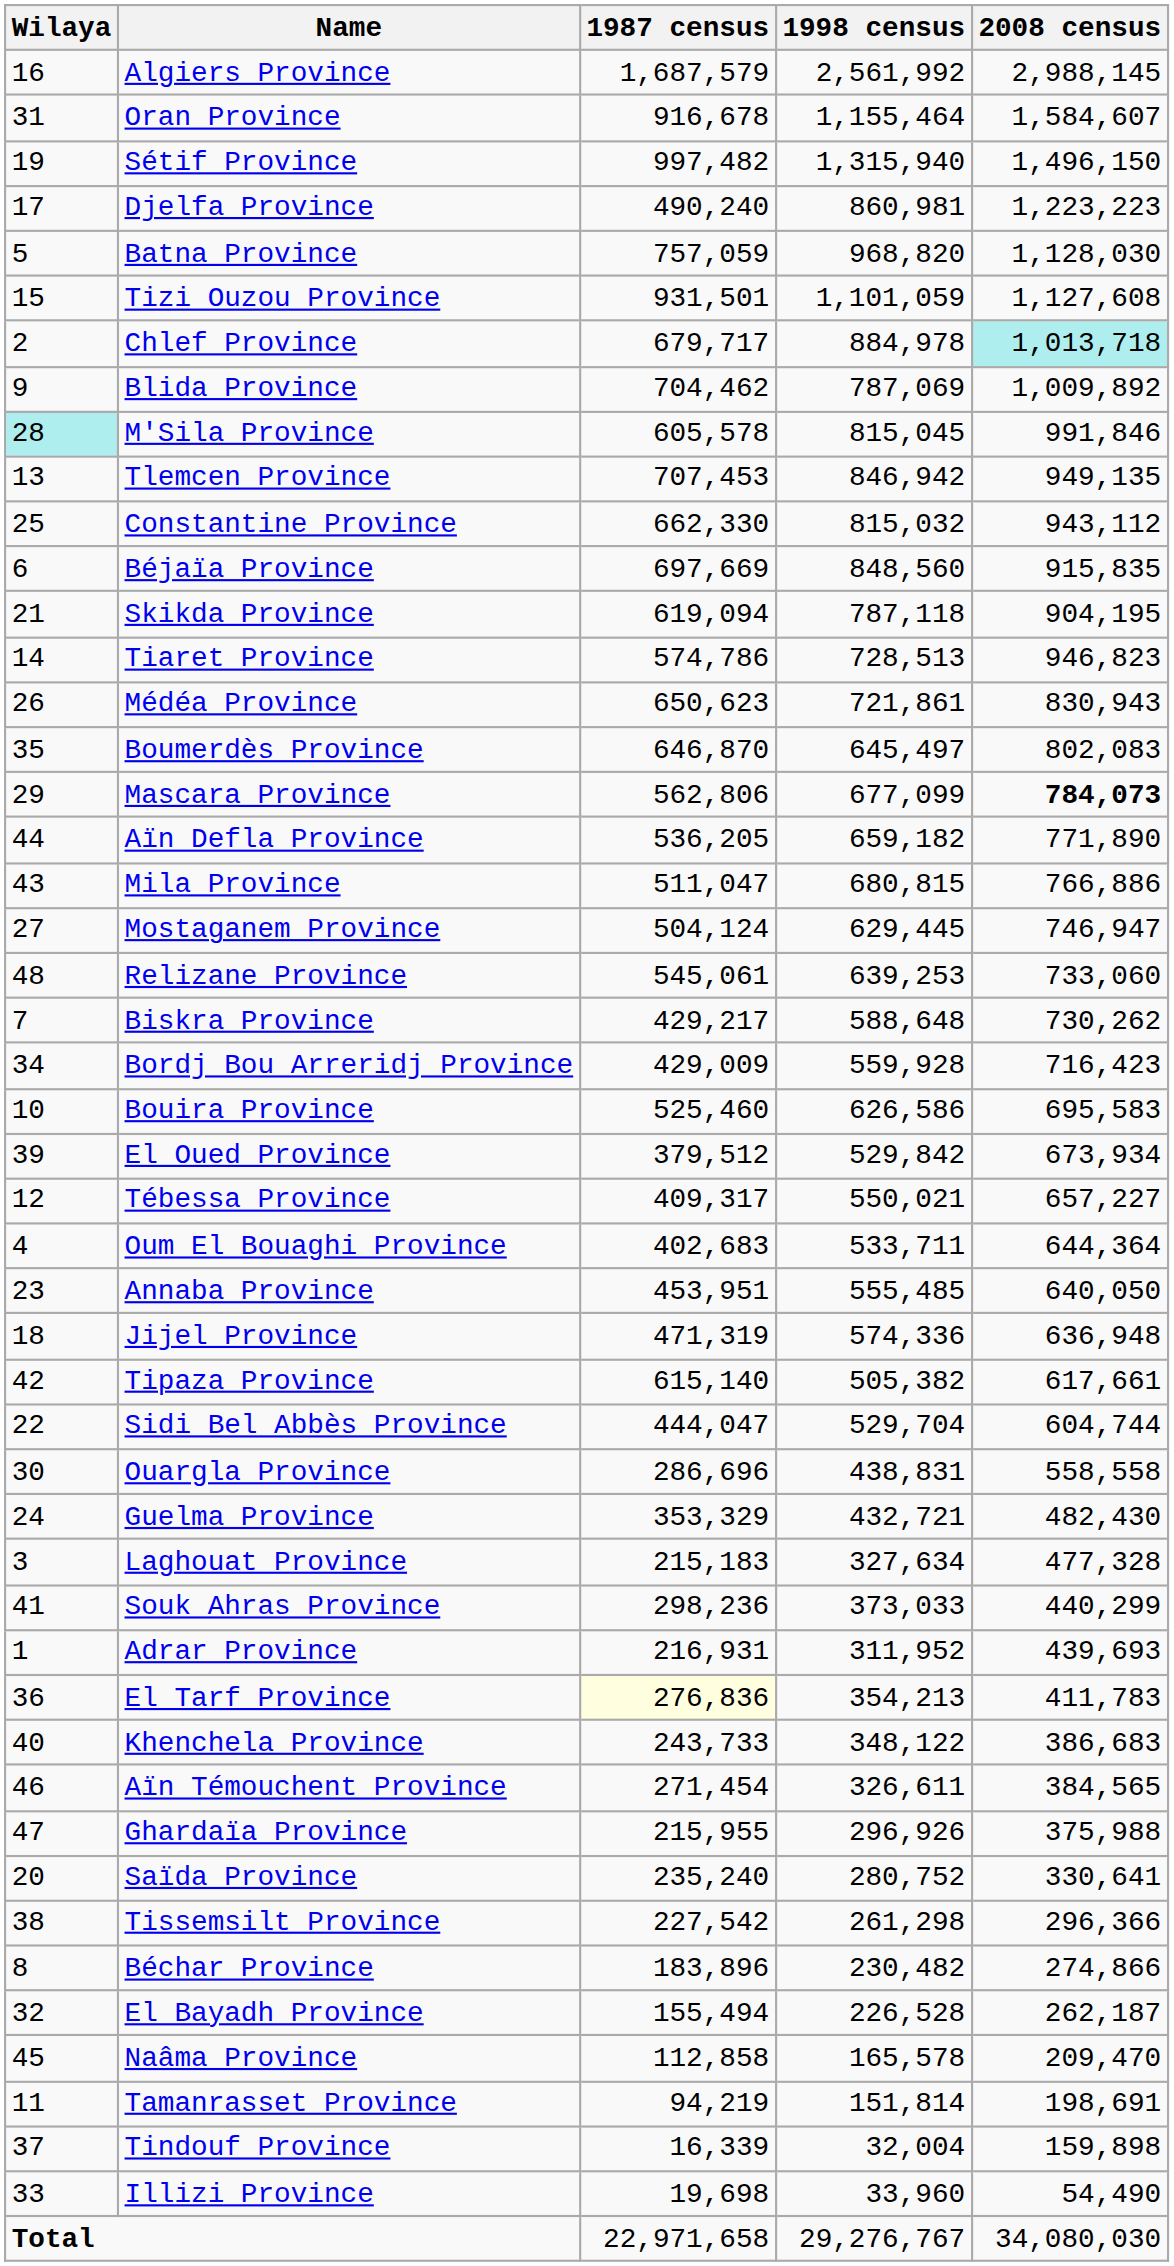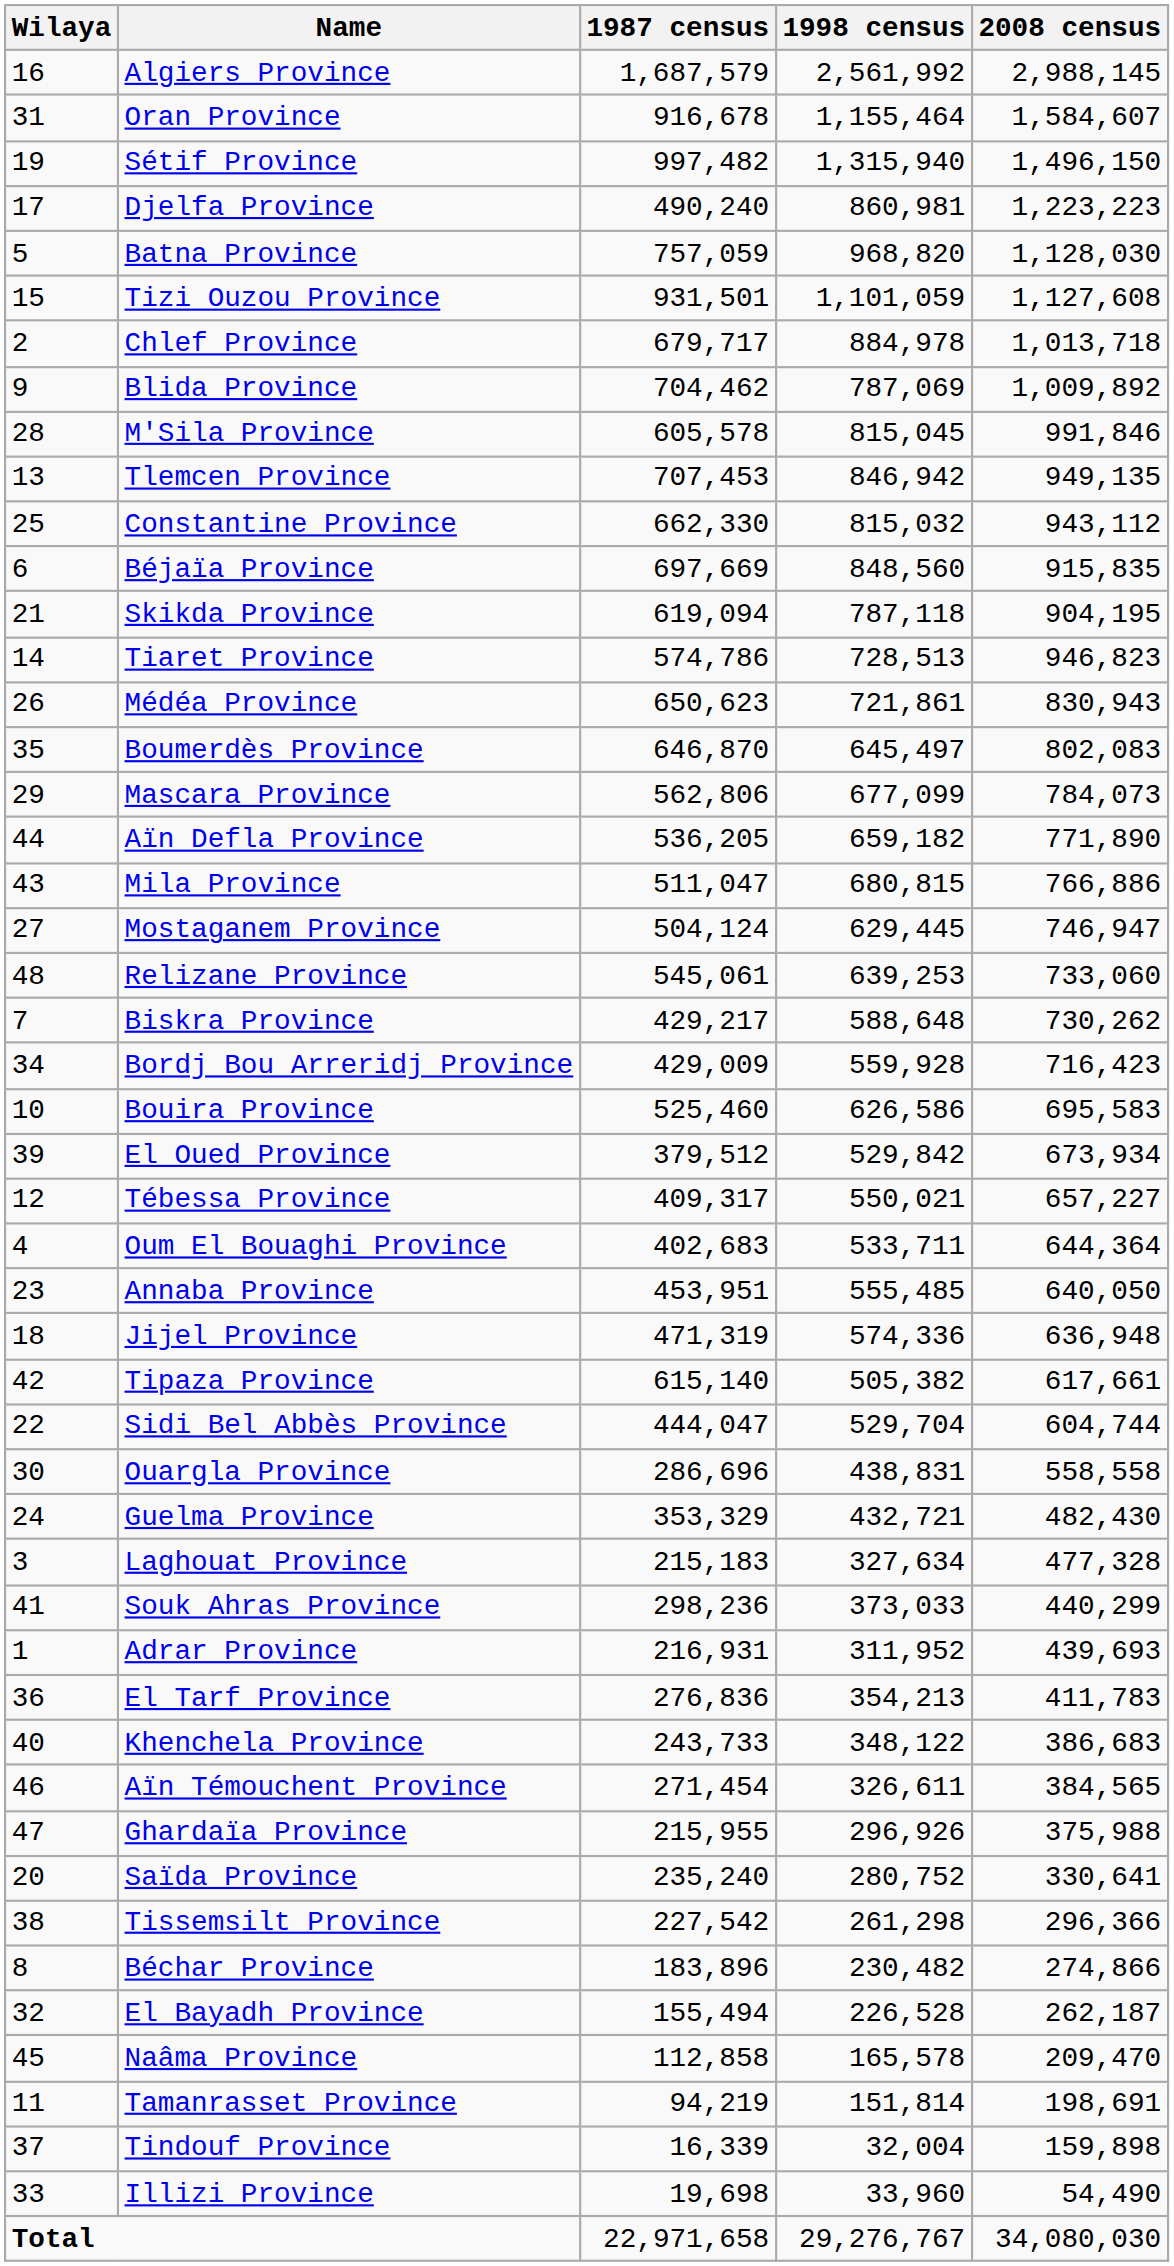 <table class="wikitable sortable">
 <tr>
 <th>Wilaya<br></th>
 <th>Name<br></th>
 <th>1987 census</th>
 <th>1998 census</th>
 <th>2008 census</th>
 </tr>
 <tr>
 <td>16</td>
 <td><a href='#'>Algiers Province</a></td>
 <td style="text-align:right">1,687,579</td>
 <td style="text-align:right">2,561,992</td>
 <td style="text-align:right">2,988,145</td>
 </tr>
 <tr>
 <td>31</td>
 <td><a href='#'>Oran Province</a></td>
 <td style="text-align:right">916,678</td>
 <td style="text-align:right">1,155,464</td>
 <td style="text-align:right">1,584,607</td>
 </tr>
 <tr>
 <td>19</td>
 <td><a href='#'>Sétif Province</a></td>
 <td style="text-align:right">997,482</td>
 <td style="text-align:right">1,315,940</td>
 <td style="text-align:right">1,496,150</td>
 </tr>
 <tr>
 <td>17</td>
 <td><a href='#'>Djelfa Province</a></td>
 <td style="text-align:right">490,240</td>
 <td style="text-align:right">860,981</td>
 <td style="text-align:right">1,223,223</td>
 </tr>
 <tr>
 <td>5</td>
 <td><a href='#'>Batna Province</a></td>
 <td style="text-align:right">757,059</td>
 <td style="text-align:right">968,820</td>
 <td style="text-align:right">1,128,030</td>
 </tr>
 <tr>
 <td>15</td>
 <td><a href='#'>Tizi Ouzou Province</a></td>
 <td style="text-align:right">931,501</td>
 <td style="text-align:right">1,101,059</td>
 <td style="text-align:right">1,127,608</td>
 </tr>
 <tr>
 <td>2</td>
 <td><a href='#'>Chlef Province</a></td>
 <td style="text-align:right">679,717</td>
 <td style="text-align:right">884,978</td>
-<td style="background: paleturquoise; text-align:right">1,013,718</td>
+<td style="text-align:right">1,013,718</td>
 </tr>
 <tr>
 <td>9</td>
 <td><a href='#'>Blida Province</a></td>
 <td style="text-align:right">704,462</td>
 <td style="text-align:right">787,069</td>
 <td style="text-align:right">1,009,892</td>
 </tr>
 <tr>
-<td style="background: paleturquoise;">28</td>
+<td>28</td>
 <td><a href='#'>M'Sila Province</a></td>
 <td style="text-align:right">605,578</td>
 <td style="text-align:right">815,045</td>
 <td style="text-align:right">991,846</td>
 </tr>
 <tr>
 <td>13</td>
 <td><a href='#'>Tlemcen Province</a></td>
 <td style="text-align:right">707,453</td>
 <td style="text-align:right">846,942</td>
 <td style="text-align:right">949,135</td>
 </tr>
 <tr>
 <td>25</td>
 <td><a href='#'>Constantine Province</a></td>
 <td style="text-align:right">662,330</td>
 <td style="text-align:right">815,032</td>
 <td style="text-align:right">943,112</td>
 </tr>
 <tr>
 <td>6</td>
 <td><a href='#'>Béjaïa Province</a></td>
 <td style="text-align:right">697,669</td>
 <td style="text-align:right">848,560</td>
 <td style="text-align:right">915,835</td>
 </tr>
 <tr>
 <td>21</td>
 <td><a href='#'>Skikda Province</a></td>
 <td style="text-align:right">619,094</td>
 <td style="text-align:right">787,118</td>
 <td style="text-align:right">904,195</td>
 </tr>
 <tr>
 <td>14</td>
 <td><a href='#'>Tiaret Province</a></td>
 <td style="text-align:right">574,786</td>
 <td style="text-align:right">728,513</td>
 <td style="text-align:right">946,823</td>
 </tr>
 <tr>
 <td>26</td>
 <td><a href='#'>Médéa Province</a></td>
 <td style="text-align:right">650,623</td>
 <td style="text-align:right">721,861</td>
 <td style="text-align:right">830,943</td>
 </tr>
 <tr>
 <td>35</td>
 <td><a href='#'>Boumerdès Province</a></td>
 <td style="text-align:right">646,870</td>
 <td style="text-align:right">645,497</td>
 <td style="text-align:right">802,083</td>
 </tr>
 <tr>
 <td>29</td>
 <td><a href='#'>Mascara Province</a></td>
 <td style="text-align:right">562,806</td>
 <td style="text-align:right">677,099</td>
-<td style="text-align:right"><strong>784,073</strong></td>
+<td style="text-align:right">784,073</td>
 </tr>
 <tr>
 <td>44</td>
 <td><a href='#'>Aïn Defla Province</a></td>
 <td style="text-align:right">536,205</td>
 <td style="text-align:right">659,182</td>
 <td style="text-align:right">771,890</td>
 </tr>
 <tr>
 <td>43</td>
 <td><a href='#'>Mila Province</a></td>
 <td style="text-align:right">511,047</td>
 <td style="text-align:right">680,815</td>
 <td style="text-align:right">766,886</td>
 </tr>
 <tr>
 <td>27</td>
 <td><a href='#'>Mostaganem Province</a></td>
 <td style="text-align:right">504,124</td>
 <td style="text-align:right">629,445</td>
 <td style="text-align:right">746,947</td>
 </tr>
 <tr>
 <td>48</td>
 <td><a href='#'>Relizane Province</a></td>
 <td style="text-align:right">545,061</td>
 <td style="text-align:right">639,253</td>
 <td style="text-align:right">733,060</td>
 </tr>
 <tr>
 <td>7</td>
 <td><a href='#'>Biskra Province</a></td>
 <td style="text-align:right">429,217</td>
 <td style="text-align:right">588,648</td>
 <td style="text-align:right">730,262</td>
 </tr>
 <tr>
 <td>34</td>
 <td><a href='#'>Bordj Bou Arreridj Province</a></td>
 <td style="text-align:right">429,009</td>
 <td style="text-align:right">559,928</td>
 <td style="text-align:right">716,423</td>
 </tr>
 <tr>
 <td>10</td>
 <td><a href='#'>Bouira Province</a></td>
 <td style="text-align:right">525,460</td>
 <td style="text-align:right">626,586</td>
 <td style="text-align:right">695,583</td>
 </tr>
 <tr>
 <td>39</td>
 <td><a href='#'>El Oued Province</a></td>
 <td style="text-align:right">379,512</td>
 <td style="text-align:right">529,842</td>
 <td style="text-align:right">673,934</td>
 </tr>
 <tr>
 <td>12</td>
 <td><a href='#'>Tébessa Province</a></td>
 <td style="text-align:right">409,317</td>
 <td style="text-align:right">550,021</td>
 <td style="text-align:right">657,227</td>
 </tr>
 <tr>
 <td>4</td>
 <td><a href='#'>Oum El Bouaghi Province</a></td>
 <td style="text-align:right">402,683</td>
 <td style="text-align:right">533,711</td>
 <td style="text-align:right">644,364</td>
 </tr>
 <tr>
 <td>23</td>
 <td><a href='#'>Annaba Province</a></td>
 <td style="text-align:right">453,951</td>
 <td style="text-align:right">555,485</td>
 <td style="text-align:right">640,050</td>
 </tr>
 <tr>
 <td>18</td>
 <td><a href='#'>Jijel Province</a></td>
 <td style="text-align:right">471,319</td>
 <td style="text-align:right">574,336</td>
 <td style="text-align:right">636,948</td>
 </tr>
 <tr>
 <td>42</td>
 <td><a href='#'>Tipaza Province</a></td>
 <td style="text-align:right">615,140</td>
 <td style="text-align:right">505,382</td>
 <td style="text-align:right">617,661</td>
 </tr>
 <tr>
 <td>22</td>
 <td><a href='#'>Sidi Bel Abbès Province</a></td>
 <td style="text-align:right">444,047</td>
 <td style="text-align:right">529,704</td>
 <td style="text-align:right">604,744</td>
 </tr>
 <tr>
 <td>30</td>
 <td><a href='#'>Ouargla Province</a></td>
 <td style="text-align:right">286,696</td>
 <td style="text-align:right">438,831</td>
 <td style="text-align:right">558,558</td>
 </tr>
 <tr>
 <td>24</td>
 <td><a href='#'>Guelma Province</a></td>
 <td style="text-align:right">353,329</td>
 <td style="text-align:right">432,721</td>
 <td style="text-align:right">482,430</td>
 </tr>
 <tr>
 <td>3</td>
 <td><a href='#'>Laghouat Province</a></td>
 <td style="text-align:right">215,183</td>
 <td style="text-align:right">327,634</td>
 <td style="text-align:right">477,328</td>
 </tr>
 <tr>
 <td>41</td>
 <td><a href='#'>Souk Ahras Province</a></td>
 <td style="text-align:right">298,236</td>
 <td style="text-align:right">373,033</td>
 <td style="text-align:right">440,299</td>
 </tr>
 <tr>
 <td>1</td>
 <td><a href='#'>Adrar Province</a></td>
 <td style="text-align:right">216,931</td>
 <td style="text-align:right">311,952</td>
 <td style="text-align:right">439,693</td>
 </tr>
 <tr>
 <td>36</td>
 <td><a href='#'>El Tarf Province</a></td>
-<td style="background: lightyellow; text-align:right">276,836</td>
+<td style="text-align:right">276,836</td>
 <td style="text-align:right">354,213</td>
 <td style="text-align:right">411,783</td>
 </tr>
 <tr>
 <td>40</td>
 <td><a href='#'>Khenchela Province</a></td>
 <td style="text-align:right">243,733</td>
 <td style="text-align:right">348,122</td>
 <td style="text-align:right">386,683</td>
 </tr>
 <tr>
 <td>46</td>
 <td><a href='#'>Aïn Témouchent Province</a></td>
 <td style="text-align:right">271,454</td>
 <td style="text-align:right">326,611</td>
 <td style="text-align:right">384,565</td>
 </tr>
 <tr>
 <td>47</td>
 <td><a href='#'>Ghardaïa Province</a></td>
 <td style="text-align:right">215,955</td>
 <td style="text-align:right">296,926</td>
 <td style="text-align:right">375,988</td>
 </tr>
 <tr>
 <td>20</td>
 <td><a href='#'>Saïda Province</a></td>
 <td style="text-align:right">235,240</td>
 <td style="text-align:right">280,752</td>
 <td style="text-align:right">330,641</td>
 </tr>
 <tr>
 <td>38</td>
 <td><a href='#'>Tissemsilt Province</a></td>
 <td style="text-align:right">227,542</td>
 <td style="text-align:right">261,298</td>
 <td style="text-align:right">296,366</td>
 </tr>
 <tr>
 <td>8</td>
 <td><a href='#'>Béchar Province</a></td>
 <td style="text-align:right">183,896</td>
 <td style="text-align:right">230,482</td>
 <td style="text-align:right">274,866</td>
 </tr>
 <tr>
 <td>32</td>
 <td><a href='#'>El Bayadh Province</a></td>
 <td style="text-align:right">155,494</td>
 <td style="text-align:right">226,528</td>
 <td style="text-align:right">262,187</td>
 </tr>
 <tr>
 <td>45</td>
 <td><a href='#'>Naâma Province</a></td>
 <td style="text-align:right">112,858</td>
 <td style="text-align:right">165,578</td>
 <td style="text-align:right">209,470</td>
 </tr>
 <tr>
 <td>11</td>
 <td><a href='#'>Tamanrasset Province</a></td>
 <td style="text-align:right">94,219</td>
 <td style="text-align:right">151,814</td>
 <td style="text-align:right">198,691</td>
 </tr>
 <tr>
 <td>37</td>
 <td><a href='#'>Tindouf Province</a></td>
 <td style="text-align:right">16,339</td>
 <td style="text-align:right">32,004</td>
 <td style="text-align:right">159,898</td>
 </tr>
 <tr>
 <td>33</td>
 <td><a href='#'>Illizi Province</a></td>
 <td style="text-align:right">19,698</td>
 <td style="text-align:right">33,960</td>
 <td style="text-align:right">54,490</td>
 </tr>
 <tr class=sortbottom>
 <td colspan="2"><strong>Total</strong></td>
 <td style="text-align:right">22,971,658</td>
 <td style="text-align:right">29,276,767</td>
 <td style="text-align:right">34,080,030</td>
 </tr>
 </table>
